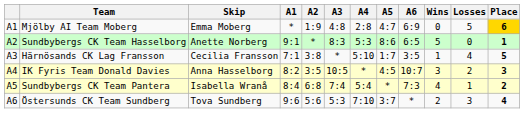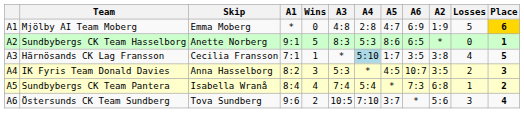 <table class="wikitable" style="text-align:center;">
 <tr>
 <th></th>
 <th>Team</th>
 <th>Skip</th>
 <th width="25">A1</th>
-<th width="25">A2</th>
+<th width="20">Wins</th>
 <th width="25">A3</th>
 <th width="25">A4</th>
 <th width="25">A5</th>
 <th width="25">A6</th>
-<th width="20">Wins</th>
+<th width="25">A2</th>
 <th width="20">Losses</th>
 <th>Place</th>
 </tr>
 <tr>
 <td>A1</td>
 <td align=left>Mjölby AI Team Moberg</td>
 <td align=left>Emma Moberg</td>
 <td>*</td>
-<td>1:9</td>
+<td>0</td>
 <td>4:8</td>
 <td>2:8</td>
 <td>4:7</td>
 <td>6:9</td>
-<td>0</td>
+<td>1:9</td>
 <td>5</td>
 <td style="background: gold;"><strong>6</strong></td>
 </tr>
 <tr bgcolor=#cfc>
 <td>A2</td>
 <td align=left>Sundbybergs CK Team Hasselborg</td>
 <td align=left>Anette Norberg</td>
 <td>9:1</td>
-<td>*</td>
+<td>5</td>
 <td>8:3</td>
 <td>5:3</td>
 <td>8:6</td>
 <td>6:5</td>
-<td>5</td>
+<td>*</td>
 <td>0</td>
 <td><strong>1</strong></td>
 </tr>
 <tr>
 <td>A3</td>
 <td align=left>Härnösands CK Lag Fransson</td>
 <td align=left>Cecilia Fransson</td>
 <td>7:1</td>
-<td>3:8</td>
+<td>1</td>
 <td>*</td>
-<td>5:10</td>
+<td style="background: lightblue;">5:10</td>
 <td>1:7</td>
 <td>3:5</td>
-<td>1</td>
+<td>3:8</td>
 <td>4</td>
 <td><strong>5</strong></td>
 </tr>
 <tr bgcolor=#ffc>
 <td>A4</td>
 <td align=left>IK Fyris Team Donald Davies</td>
 <td align=left>Anna Hasselborg</td>
 <td>8:2</td>
-<td>3:5</td>
-<td>10:5</td>
+<td>3</td>
+<td>5:3</td>
 <td>*</td>
 <td>4:5</td>
 <td>10:7</td>
-<td>3</td>
+<td>3:5</td>
 <td>2</td>
 <td><strong>3</strong></td>
 </tr>
 <tr bgcolor=#ffc>
 <td>A5</td>
 <td align=left>Sundbybergs CK Team Pantera</td>
 <td align=left>Isabella Wranå</td>
 <td>8:4</td>
-<td>6:8</td>
+<td>4</td>
 <td>7:4</td>
 <td>5:4</td>
 <td>*</td>
 <td>7:3</td>
-<td>4</td>
+<td>6:8</td>
 <td>1</td>
 <td><strong>2</strong></td>
 </tr>
 <tr>
 <td>A6</td>
 <td align=left>Östersunds CK Team Sundberg</td>
 <td align=left>Tova Sundberg</td>
 <td>9:6</td>
-<td>5:6</td>
-<td>5:3</td>
+<td>2</td>
+<td>10:5</td>
 <td>7:10</td>
 <td>3:7</td>
 <td>*</td>
-<td>2</td>
+<td>5:6</td>
 <td>3</td>
 <td><strong>4</strong></td>
 </tr>
 </table>
